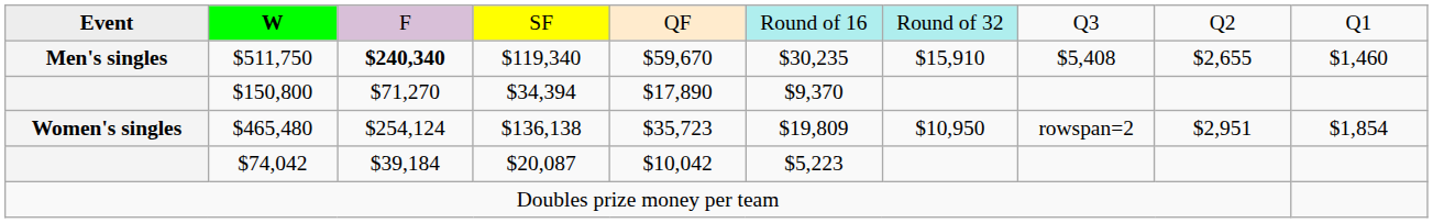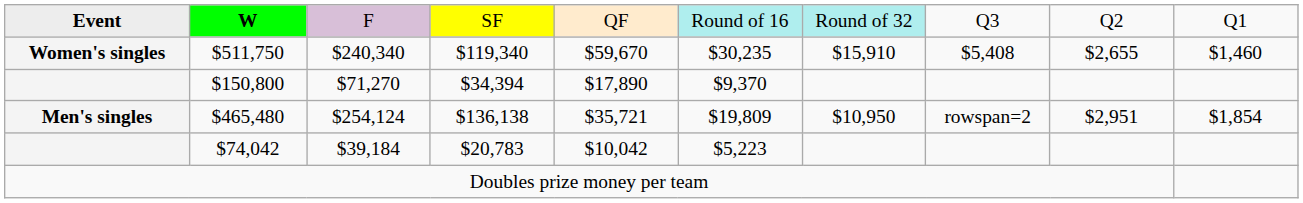 <table class=wikitable style=font-size:90%;text-align:center>
 <tr>
 <td style="width:130px; background:#ededed;"><strong>Event</strong></td>
 <td style="width:80px; background:lime;"><strong>W</strong></td>
 <td style="width:85px; background:thistle;">F</td>
 <td style="width:85px; background:#ff0;">SF</td>
 <td style="width:85px; background:#ffebcd;">QF</td>
 <td style="width:85px; background:#afeeee;">Round of 16</td>
 <td style="width:85px; background:#afeeee;">Round of 32</td>
 <td width=85>Q3</td>
 <td width=85>Q2</td>
 <td width=85>Q1</td>
 </tr>
 <tr>
-<td style="background:#f4f4f4;"><strong>Men's singles</strong></td>
+<td style="background:#f4f4f4;"><strong>Women's singles</strong></td>
 <td>$511,750</td>
-<td><strong>$240,340</strong></td>
+<td>$240,340</td>
 <td>$119,340</td>
 <td>$59,670</td>
 <td>$30,235</td>
 <td>$15,910</td>
 <td>$5,408</td>
 <td>$2,655</td>
 <td>$1,460</td>
 </tr>
 <tr>
 <td style="background:#f4f4f4;"><strong></strong></td>
 <td>$150,800</td>
 <td>$71,270</td>
 <td>$34,394</td>
 <td>$17,890</td>
 <td>$9,370</td>
 <td></td>
 <td></td>
 <td></td>
 </tr>
 <tr>
-<td style="background:#f4f4f4;"><strong>Women's singles</strong></td>
+<td style="background:#f4f4f4;"><strong>Men's singles</strong></td>
 <td>$465,480</td>
 <td>$254,124</td>
 <td>$136,138</td>
-<td>$35,723</td>
+<td>$35,721</td>
 <td>$19,809</td>
 <td>$10,950</td>
 <td>rowspan=2 </td>
 <td>$2,951</td>
 <td>$1,854</td>
 </tr>
 <tr>
 <td style="background:#f4f4f4;"><strong></strong></td>
 <td>$74,042</td>
 <td>$39,184</td>
-<td>$20,087</td>
+<td>$20,783</td>
 <td>$10,042</td>
 <td>$5,223</td>
 <td></td>
 <td></td>
 <td></td>
 <td></td>
 </tr>
 <tr>
 <td colspan=9>Doubles prize money per team</td>
 </tr>
 </table>
